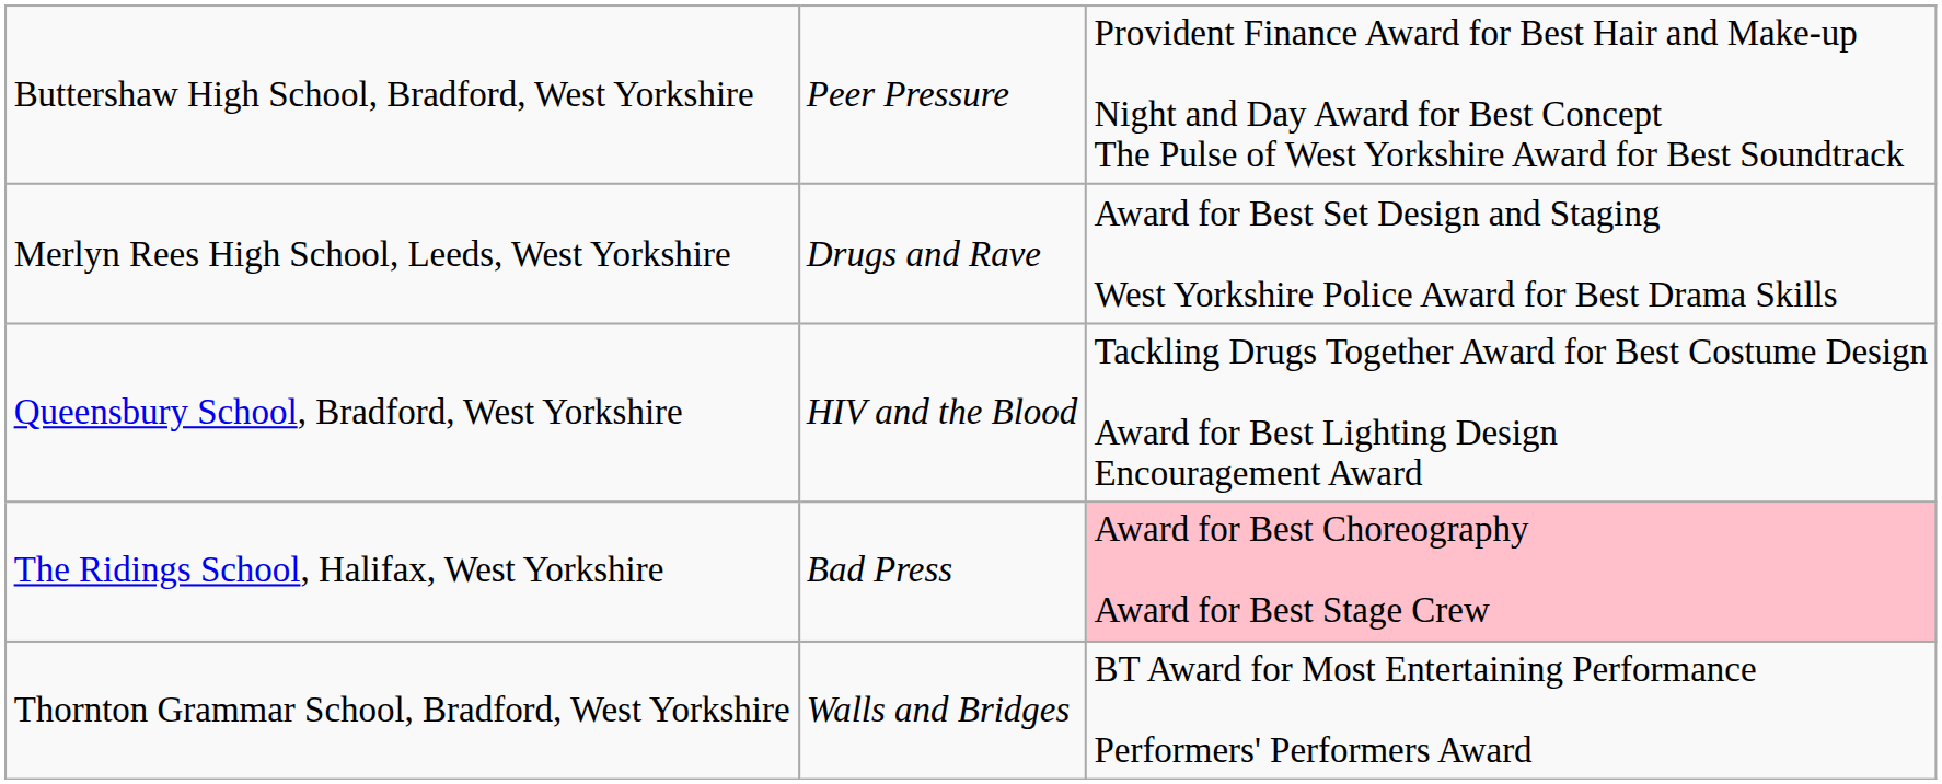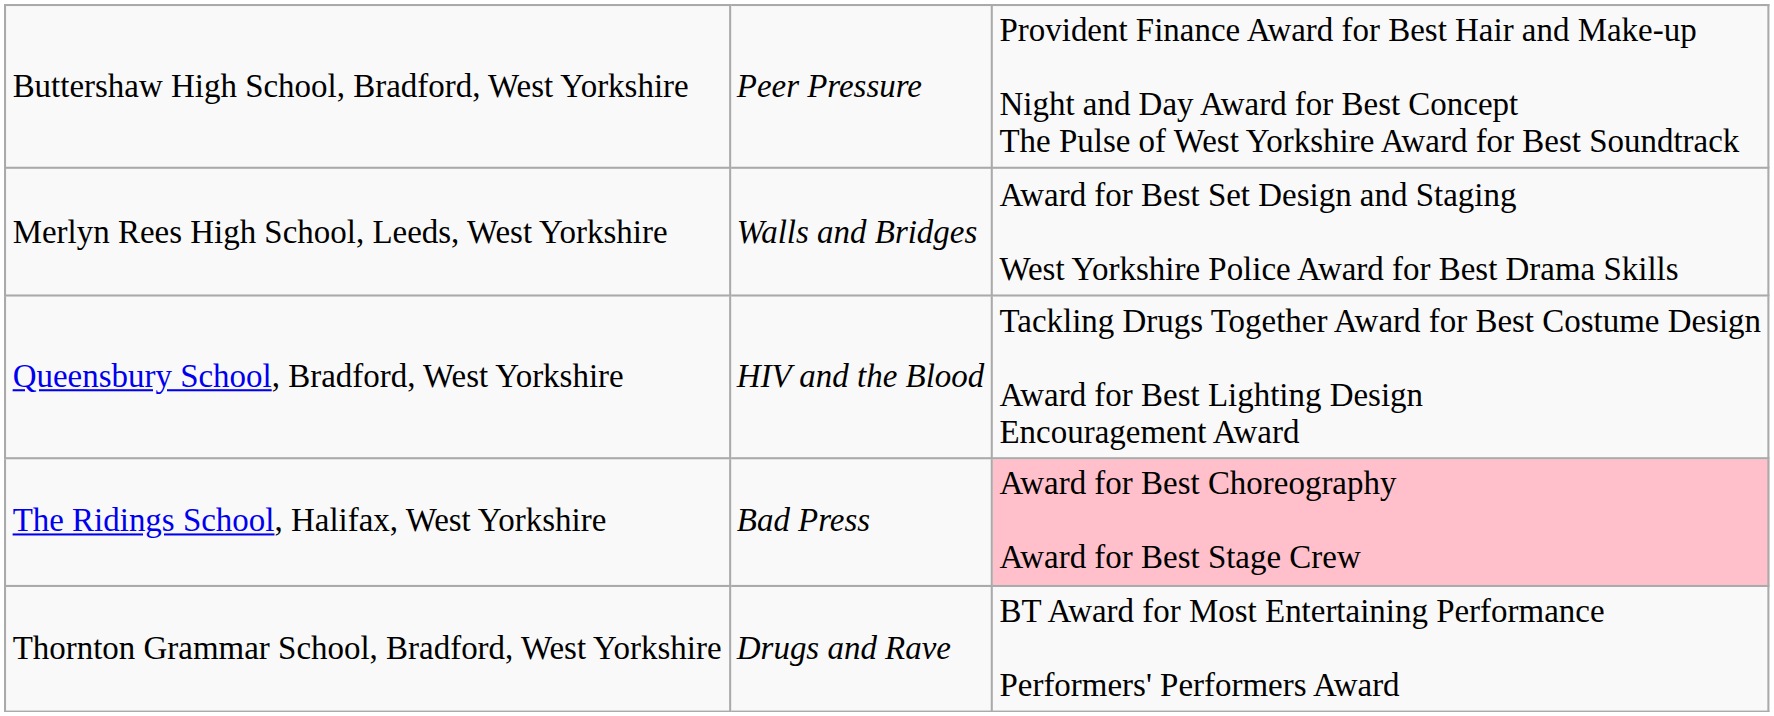 <table class="wikitable">
 <tr>
 <td>Buttershaw High School, Bradford, West Yorkshire</td>
 <td><em>Peer Pressure</em></td>
 <td>Provident Finance Award for Best Hair and Make-up<br><br>Night and Day Award for Best Concept<br> The Pulse of West Yorkshire Award for Best Soundtrack</td>
 </tr>
 <tr>
 <td>Merlyn Rees High School, Leeds, West Yorkshire</td>
-<td><em>Drugs and Rave</em></td>
+<td><em>Walls and Bridges</em></td>
 <td>Award for Best Set Design and Staging<br><br>West Yorkshire Police Award for Best Drama Skills</td>
 </tr>
 <tr>
 <td><a href='#'>Queensbury School</a>, Bradford, West Yorkshire</td>
 <td><em>HIV and the Blood</em></td>
 <td>Tackling Drugs Together Award for Best Costume Design<br><br>Award for Best Lighting Design<br> Encouragement Award</td>
 </tr>
 <tr>
 <td><a href='#'>The Ridings School</a>, Halifax, West Yorkshire</td>
 <td><em>Bad Press</em></td>
 <td style="background: pink;">Award for Best Choreography<br><br>Award for Best Stage Crew</td>
 </tr>
 <tr>
 <td>Thornton Grammar School, Bradford, West Yorkshire</td>
-<td><em>Walls and Bridges</em></td>
+<td><em>Drugs and Rave</em></td>
 <td>BT Award for Most Entertaining Performance<br><br>Performers' Performers Award</td>
 </tr>
 </table>
